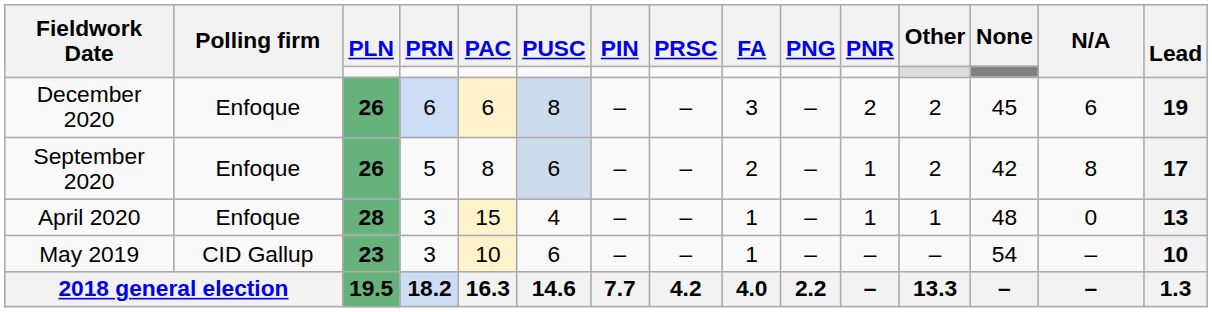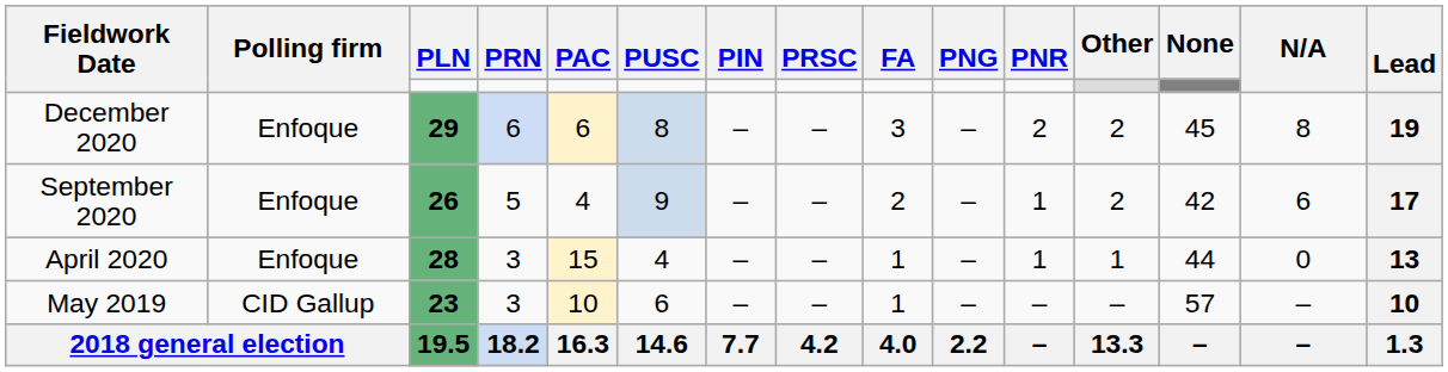 <table class="wikitable mw-collapsible" style="text-align:center; font-size:90%; line-height:16px">
 <tr>
 <th style="width:100px;" rowspan="2" class="unsortable">Fieldwork Date</th>
 <th style="width:100px;" rowspan="2">Polling firm</th>
 <th style="width:30px;"><br><a href='#'>PLN</a></th>
 <th style="width:30px;"><br><a href='#'>PRN</a></th>
 <th style="width:30px;"><br><a href='#'>PAC</a></th>
 <th style="width:30px;"><br><a href='#'>PUSC</a></th>
 <th style="width:30px;"><br><a href='#'>PIN</a></th>
 <th style="width:30px;"><br><a href='#'>PRSC</a></th>
 <th style="width:30px;"><br><a href='#'>FA</a></th>
 <th style="width:30px;"><br><a href='#'>PNG</a></th>
 <th style="width:30px;"><br><a href='#'>PNR</a></th>
 <th>Other</th>
 <th>None</th>
 <th style="width:60px;" rowspan="2">N/A</th>
 <th rowspan="2"><br>Lead</th>
 </tr>
 <tr>
 <td></td>
 <td></td>
 <td></td>
 <td></td>
 <td></td>
 <td></td>
 <td></td>
 <td></td>
 <td></td>
 <td style="color:inherit;background:#dddddd"></td>
 <td bgcolor="#808080"></td>
 </tr>
 <tr>
 <td>December 2020</td>
 <td>Enfoque</td>
-<td style="background:#66B27B;"><strong>26</strong></td>
+<td style="background:#66B27B;"><strong>29</strong></td>
 <td style="background:#CCDDF5;">6</td>
 <td style="background:#FFF3CC">6</td>
 <td style="background:#CCDCEC">8</td>
 <td>–</td>
 <td>–</td>
 <td>3</td>
 <td>–</td>
 <td>2</td>
 <td>2</td>
 <td>45</td>
-<td>6</td>
+<td>8</td>
 <th style="background:">19</th>
 </tr>
 <tr>
 <td>September 2020</td>
 <td>Enfoque</td>
 <td style="background:#66B27B;"><strong>26</strong></td>
 <td>5</td>
-<td>8</td>
-<td style="background:#CCDCEC">6</td>
+<td>4</td>
+<td style="background:#CCDCEC">9</td>
 <td>–</td>
 <td>–</td>
 <td>2</td>
 <td>–</td>
 <td>1</td>
 <td>2</td>
 <td>42</td>
-<td>8</td>
+<td>6</td>
 <th style="background:">17</th>
 </tr>
 <tr>
 <td>April 2020</td>
 <td>Enfoque</td>
 <td style="background:#66B27B;"><strong>28</strong></td>
 <td>3</td>
 <td style="background:#FFF3CC">15</td>
 <td>4</td>
 <td>–</td>
 <td>–</td>
 <td>1</td>
 <td>–</td>
 <td>1</td>
 <td>1</td>
-<td>48</td>
+<td>44</td>
 <td>0</td>
 <th style="background:">13</th>
 </tr>
 <tr>
 <td>May 2019</td>
 <td>CID Gallup</td>
 <td style="background:#66B27B;"><strong>23</strong></td>
 <td>3</td>
 <td style="background:#FFF3CC">10</td>
 <td>6</td>
 <td>–</td>
 <td>–</td>
 <td>1</td>
 <td>–</td>
 <td>–</td>
 <td>–</td>
-<td>54</td>
+<td>57</td>
 <td>–</td>
 <th style="background:">10</th>
 </tr>
 <tr>
 <th colspan="2"><a href='#'>2018 general election</a></th>
 <th style="background:#66B27B;">19.5</th>
 <th style="background:#CCDDF5;">18.2</th>
 <th>16.3</th>
 <th>14.6</th>
 <th>7.7</th>
 <th>4.2</th>
 <th>4.0</th>
 <th>2.2</th>
 <th>–</th>
 <th>13.3</th>
 <th>–</th>
 <th>–</th>
 <th style="background:">1.3</th>
 </tr>
 </table>
